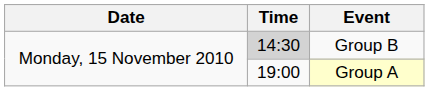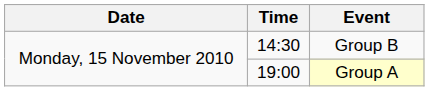 <table class = "wikitable" style="text-align:center;">
 <tr>
 <th width=220>Date</th>
 <th width=50>Time</th>
 <th width=100>Event</th>
 </tr>
 <tr>
 <td rowspan=2>Monday, 15 November 2010</td>
-<td style="background: lightgrey;">14:30</td>
+<td>14:30</td>
 <td>Group B</td>
 </tr>
 <tr>
 <td>19:00</td>
 <td bgcolor=ffffcc>Group A</td>
 </tr>
 </table>
